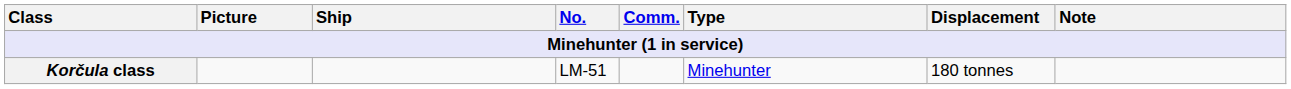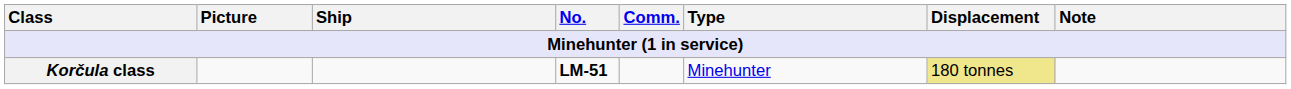 <table class="wikitable">
 <tr>
 <th style="text-align:left; width:15%;">Class</th>
 <th style="text-align:left; width:9%;">Picture</th>
 <th style="text-align:left; width:19%;">Ship</th>
 <th style="text-align:left; width: 5%;"><a href='#'>No.</a></th>
 <th style="text-align:left; width: 5%;"><a href='#'>Comm.</a></th>
 <th style="text-align:left; width:19%;">Type</th>
 <th style="text-align:left; width:10%;">Displacement</th>
 <th style="text-align:left; width:20%;">Note</th>
 </tr>
 <tr>
 <th colspan="8" style="background: lavender;">Minehunter (1 in service)</th>
 </tr>
 <tr>
 <th><em>Korčula</em> class</th>
 <td></td>
 <td></td>
-<td>LM-51</td>
+<td><strong>LM-51</strong></td>
 <td></td>
 <td><a href='#'>Minehunter</a></td>
-<td>180 tonnes</td>
+<td style="background: khaki;">180 tonnes</td>
 <td></td>
 </tr>
 </table>
